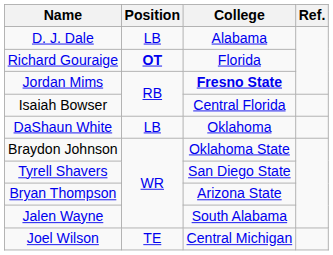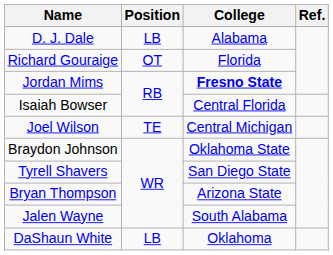 <table class="wikitable" style="text-align:center">
 <tr>
 <th>Name</th>
 <th>Position</th>
 <th>College</th>
 <th>Ref.</th>
 </tr>
 <tr>
 <td><a href='#'>D. J. Dale</a></td>
 <td><a href='#'>LB</a></td>
 <td><a href='#'>Alabama</a></td>
 <td rowspan="3"></td>
 </tr>
 <tr>
 <td><a href='#'>Richard Gouraige</a></td>
-<td><strong><a href='#'>OT</a></strong></td>
+<td><a href='#'>OT</a></td>
 <td><a href='#'>Florida</a></td>
 </tr>
 <tr>
 <td><a href='#'>Jordan Mims</a></td>
 <td rowspan="2"><a href='#'>RB</a></td>
 <td><strong><a href='#'>Fresno State</a></strong></td>
 </tr>
 <tr>
 <td>Isaiah Bowser</td>
 <td><a href='#'>Central Florida</a></td>
 <td></td>
 </tr>
 <tr>
-<td><a href='#'>DaShaun White</a></td>
-<td><a href='#'>LB</a></td>
-<td><a href='#'>Oklahoma</a></td>
+<td><a href='#'>Joel Wilson</a></td>
+<td><a href='#'>TE</a></td>
+<td><a href='#'>Central Michigan</a></td>
 <td></td>
 </tr>
 <tr>
 <td>Braydon Johnson</td>
 <td rowspan="4"><a href='#'>WR</a></td>
 <td><a href='#'>Oklahoma State</a></td>
 <td rowspan="4"></td>
 </tr>
 <tr>
 <td><a href='#'>Tyrell Shavers</a></td>
 <td><a href='#'>San Diego State</a></td>
 </tr>
 <tr>
 <td><a href='#'>Bryan Thompson</a></td>
 <td><a href='#'>Arizona State</a></td>
 </tr>
 <tr>
 <td><a href='#'>Jalen Wayne</a></td>
 <td><a href='#'>South Alabama</a></td>
 </tr>
 <tr>
-<td><a href='#'>Joel Wilson</a></td>
-<td><a href='#'>TE</a></td>
-<td><a href='#'>Central Michigan</a></td>
+<td><a href='#'>DaShaun White</a></td>
+<td><a href='#'>LB</a></td>
+<td><a href='#'>Oklahoma</a></td>
 <td></td>
 </tr>
 </table>
